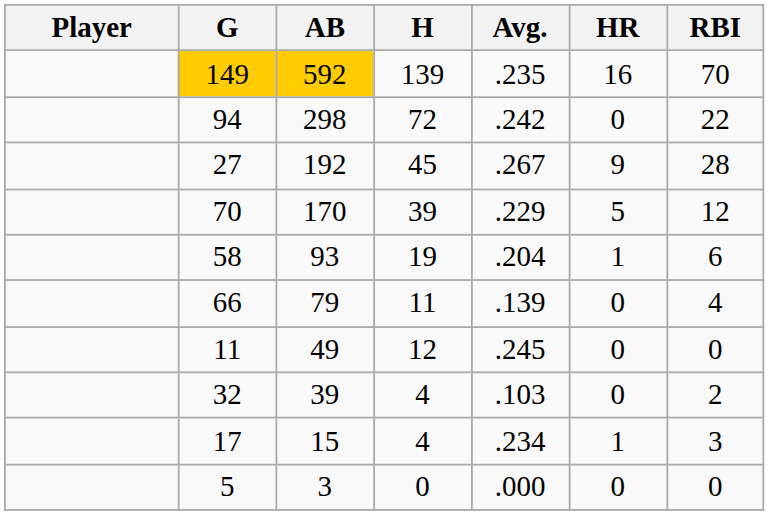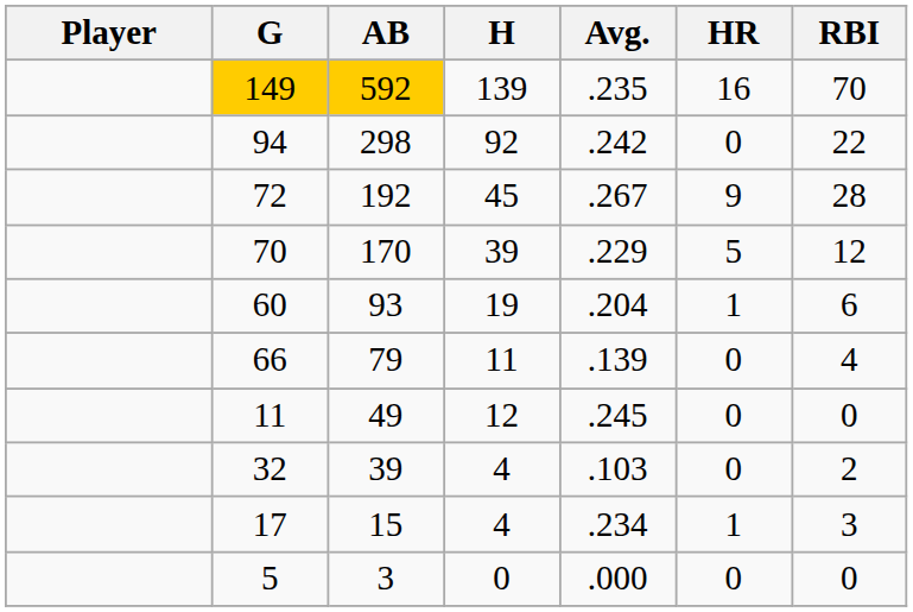 <table class="wikitable sortable">
 <tr>
 <th bgcolor="#DDDDFF" width="16%">Player</th>
 <th bgcolor="#DDDDFF" width="9%">G</th>
 <th bgcolor="#DDDDFF" width="9%">AB</th>
 <th bgcolor="#DDDDFF" width="9%">H</th>
 <th bgcolor="#DDDDFF" width="9%">Avg.</th>
 <th bgcolor="#DDDDFF" width="9%">HR</th>
 <th bgcolor="#DDDDFF" width="9%">RBI</th>
 </tr>
 <tr align="center">
 <td></td>
 <td style="background:#fc0;">149</td>
 <td style="background:#fc0;">592</td>
 <td>139</td>
 <td>.235</td>
 <td>16</td>
 <td>70</td>
 </tr>
 <tr align="center">
 <td></td>
 <td>94</td>
 <td>298</td>
-<td>72</td>
+<td>92</td>
 <td>.242</td>
 <td>0</td>
 <td>22</td>
 </tr>
 <tr align="center">
 <td></td>
-<td>27</td>
+<td>72</td>
 <td>192</td>
 <td>45</td>
 <td>.267</td>
 <td>9</td>
 <td>28</td>
 </tr>
 <tr align="center">
 <td></td>
 <td>70</td>
 <td>170</td>
 <td>39</td>
 <td>.229</td>
 <td>5</td>
 <td>12</td>
 </tr>
 <tr align="center">
 <td></td>
-<td>58</td>
+<td>60</td>
 <td>93</td>
 <td>19</td>
 <td>.204</td>
 <td>1</td>
 <td>6</td>
 </tr>
 <tr align="center">
 <td></td>
 <td>66</td>
 <td>79</td>
 <td>11</td>
 <td>.139</td>
 <td>0</td>
 <td>4</td>
 </tr>
 <tr align="center">
 <td></td>
 <td>11</td>
 <td>49</td>
 <td>12</td>
 <td>.245</td>
 <td>0</td>
 <td>0</td>
 </tr>
 <tr align="center">
 <td></td>
 <td>32</td>
 <td>39</td>
 <td>4</td>
 <td>.103</td>
 <td>0</td>
 <td>2</td>
 </tr>
 <tr align="center">
 <td></td>
 <td>17</td>
 <td>15</td>
 <td>4</td>
 <td>.234</td>
 <td>1</td>
 <td>3</td>
 </tr>
 <tr align="center">
 <td></td>
 <td>5</td>
 <td>3</td>
 <td>0</td>
 <td>.000</td>
 <td>0</td>
 <td>0</td>
 </tr>
 </table>
